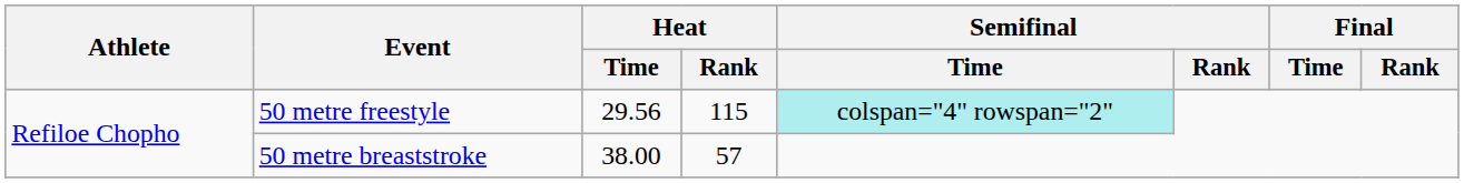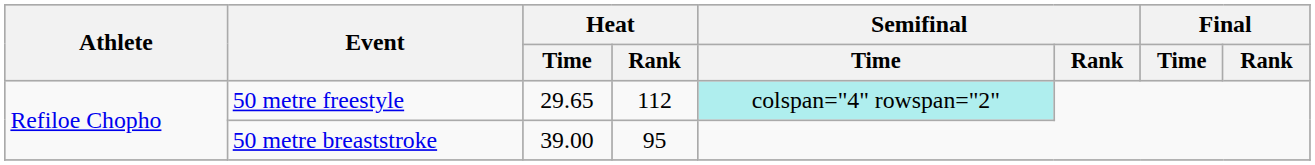 <table class="wikitable" style="text-align:center; font-size:90%; width:50%;">
 <tr>
 <th rowspan="2">Athlete</th>
 <th rowspan="2">Event</th>
 <th colspan="2">Heat</th>
 <th colspan="2">Semifinal</th>
 <th colspan="2">Final</th>
 </tr>
 <tr style="font-size:95%">
 <th>Time</th>
 <th>Rank</th>
 <th>Time</th>
 <th>Rank</th>
 <th>Time</th>
 <th>Rank</th>
 </tr>
 <tr align=center>
 <td align=left rowspan="2"><a href='#'>Refiloe Chopho</a></td>
 <td align=left><a href='#'>50 metre freestyle</a></td>
-<td>29.56</td>
-<td>115</td>
+<td>29.65</td>
+<td>112</td>
 <td style="background: paleturquoise;">colspan="4" rowspan="2" </td>
 </tr>
 <tr align=center>
 <td align=left><a href='#'>50 metre breaststroke</a></td>
-<td>38.00</td>
-<td>57</td>
+<td>39.00</td>
+<td>95</td>
 </tr>
 </table>
